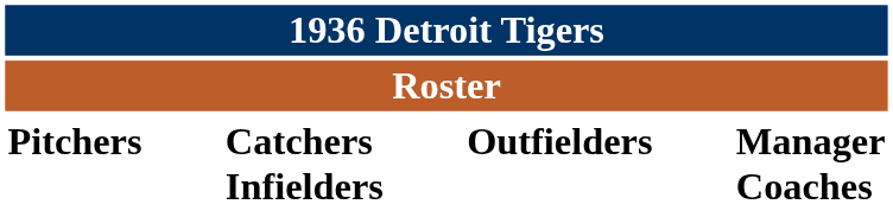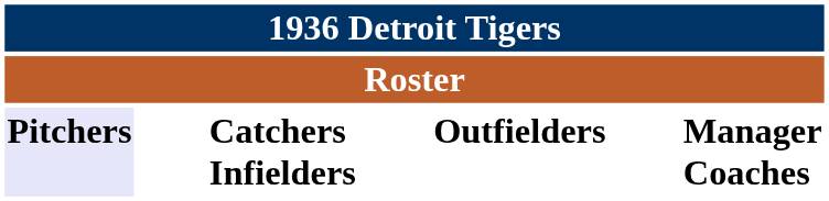 <table class="toccolours" style="font-size: 95%;">
 <tr>
 <th colspan="10" style="background-color: #003366; color: white; text-align: center;">1936 Detroit Tigers</th>
 </tr>
 <tr>
 <td colspan="10" style="background-color: #bd5d29; color: white; text-align: center;"><strong>Roster</strong></td>
 </tr>
 <tr>
-<td valign="top"><strong>Pitchers</strong><br>          </td>
+<td valign="top" style="background: lavender;"><strong>Pitchers</strong><br>          </td>
 <td width="25px"></td>
 <td valign="top"><strong>Catchers</strong><br>     <strong>Infielders</strong>        </td>
 <td width="25px"></td>
 <td valign="top"><strong>Outfielders</strong><br>    </td>
 <td width="25px"></td>
 <td valign="top"><strong>Manager</strong><br> <strong>Coaches</strong>  </td>
 </tr>
 </table>
